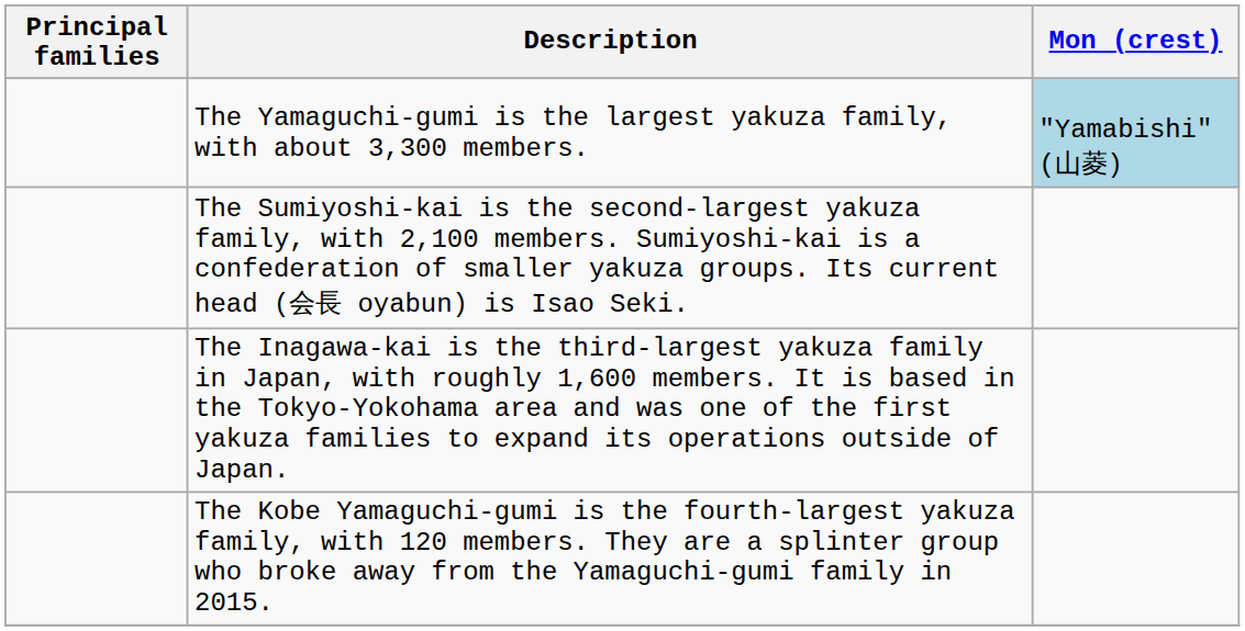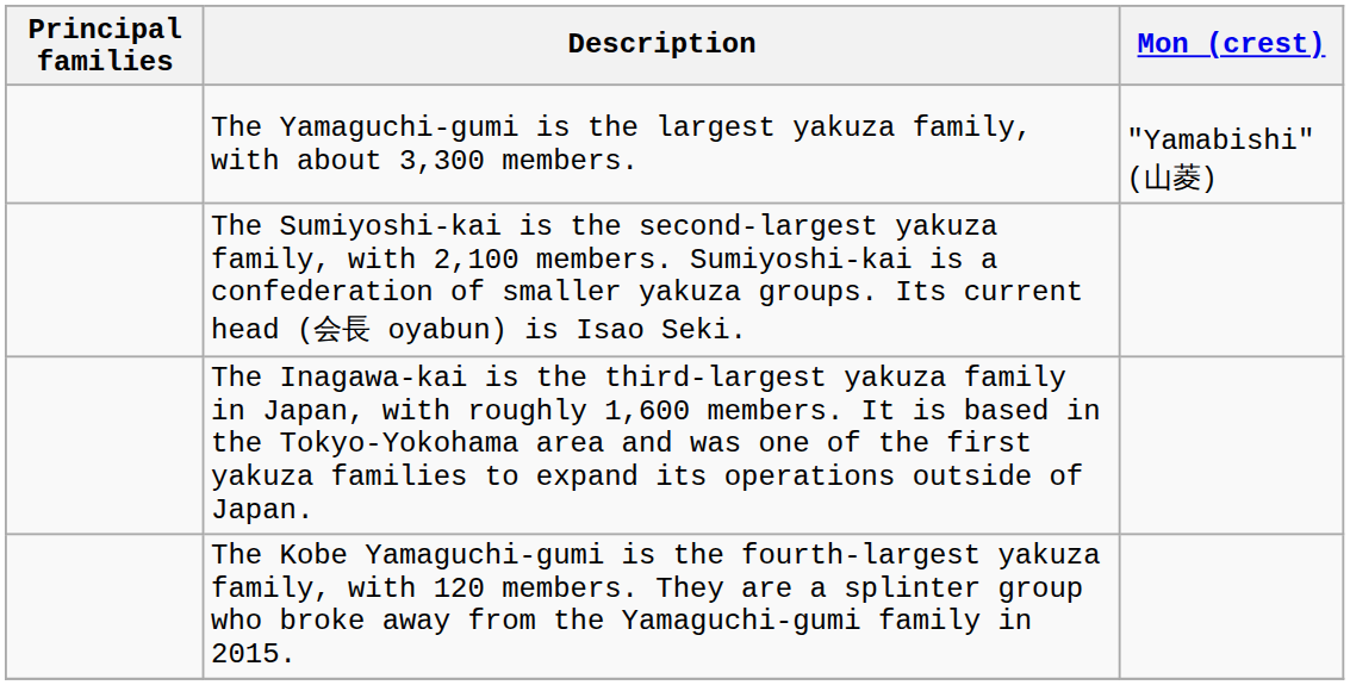 <table class=wikitable>
 <tr>
 <th>Principal families</th>
 <th>Description</th>
 <th><a href='#'>Mon (crest)</a></th>
 </tr>
 <tr ---->
 <td></td>
 <td>The Yamaguchi-gumi is the largest yakuza family, with about 3,300 members.</td>
-<td style="background: lightblue;"><br> "Yamabishi" (山菱)</td>
+<td><br> "Yamabishi" (山菱)</td>
 </tr>
 <tr>
 <td></td>
 <td>The Sumiyoshi-kai is the second-largest yakuza family, with 2,100 members. Sumiyoshi-kai is a confederation of smaller yakuza groups. Its current head (会長 oyabun) is Isao Seki.</td>
 <td></td>
 </tr>
 <tr>
 <td></td>
 <td>The Inagawa-kai is the third-largest yakuza family in Japan, with roughly 1,600 members. It is based in the Tokyo-Yokohama area and was one of the first yakuza families to expand its operations outside of Japan.</td>
 <td></td>
 </tr>
 <tr>
 <td></td>
 <td>The Kobe Yamaguchi-gumi is the fourth-largest yakuza family, with 120 members. They are a splinter group who broke away from the Yamaguchi-gumi family in 2015.</td>
 <td></td>
 </tr>
 <tr>
 </tr>
 </table>
